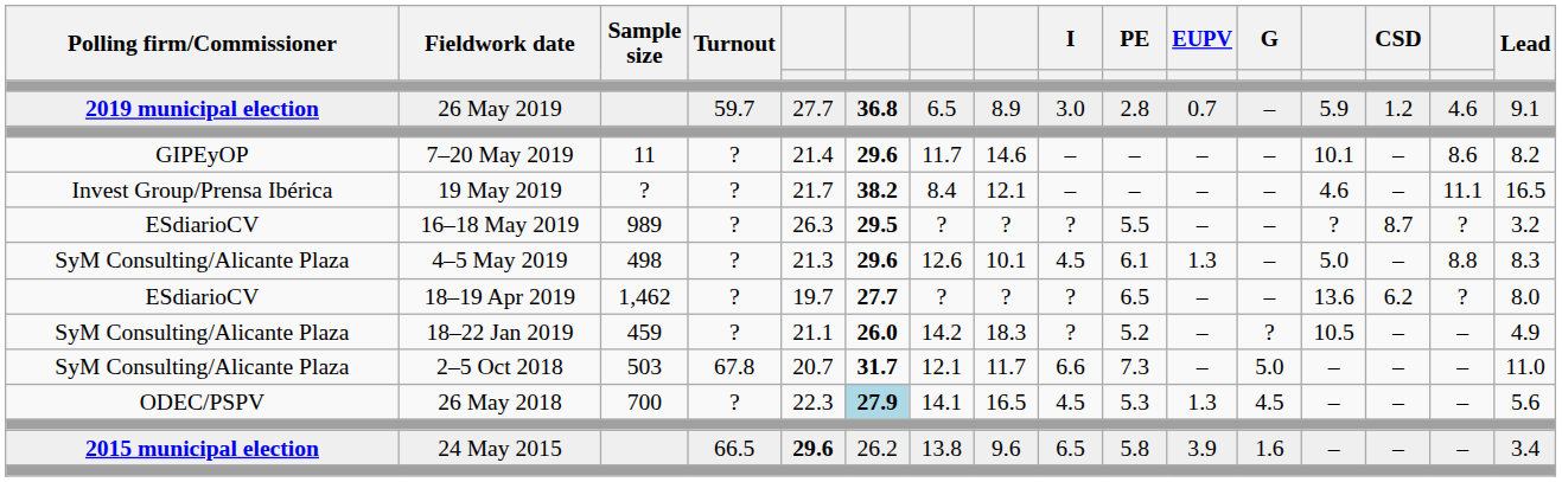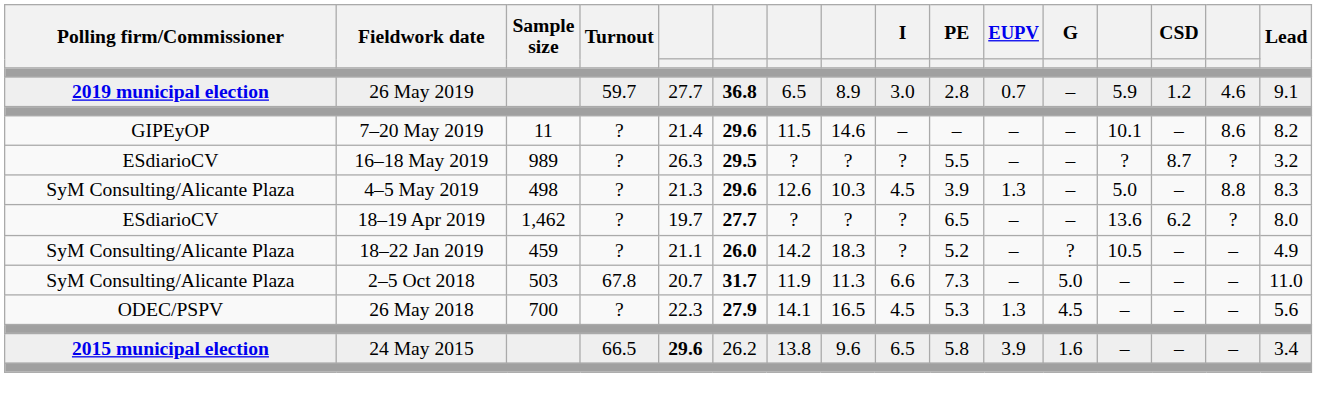 <table class="wikitable collapsible collapsed" style="text-align:center; font-size:95%; line-height:16px;">
 <tr style="height:42px;">
 <th style="width:250px;" rowspan="2">Polling firm/Commissioner</th>
 <th style="width:125px;" rowspan="2">Fieldwork date</th>
 <th style="width:50px;" rowspan="2">Sample size</th>
 <th style="width:45px;" rowspan="2">Turnout</th>
 <th style="width:35px;"></th>
 <th style="width:35px;"></th>
 <th style="width:35px;"></th>
 <th style="width:35px;"></th>
 <th style="width:35px;">I</th>
 <th style="width:35px;">PE</th>
 <th style="width:35px; font-size:95%;"><a href='#'>EUPV</a></th>
 <th style="width:35px;">G</th>
 <th style="width:35px;"></th>
 <th style="width:35px;">CSD</th>
 <th style="width:35px;"></th>
 <th style="width:30px;" rowspan="2">Lead</th>
 </tr>
 <tr>
 <th style="color:inherit;background:"></th>
 <th style="color:inherit;background:"></th>
 <th style="color:inherit;background:"></th>
 <th style="color:inherit;background:"></th>
 <th style="color:inherit;background:"></th>
 <th style="color:inherit;background:"></th>
 <th style="color:inherit;background:"></th>
 <th style="color:inherit;background:"></th>
 <th style="color:inherit;background:"></th>
 <th style="color:inherit;background:"></th>
 <th style="color:inherit;background:"></th>
 </tr>
 <tr>
 <td colspan="16" style="background:#A0A0A0"></td>
 </tr>
 <tr style="background:#EFEFEF;">
 <td><strong><a href='#'>2019 municipal election</a></strong></td>
 <td>26 May 2019</td>
 <td></td>
 <td>59.7</td>
 <td>27.7<br></td>
 <td><strong>36.8</strong><br></td>
 <td>6.5<br></td>
 <td>8.9<br></td>
 <td>3.0<br></td>
 <td>2.8<br></td>
 <td>0.7<br></td>
 <td>–</td>
 <td>5.9<br></td>
 <td>1.2<br></td>
 <td>4.6<br></td>
 <td style="background:">9.1</td>
 </tr>
 <tr>
 <td colspan="16" style="background:#A0A0A0"></td>
 </tr>
 <tr>
 <td>GIPEyOP</td>
 <td>7–20 May 2019</td>
 <td>11</td>
 <td>?</td>
 <td>21.4<br></td>
 <td><strong>29.6</strong><br></td>
-<td>11.7<br></td>
+<td>11.5<br></td>
 <td>14.6<br></td>
 <td>–</td>
 <td>–</td>
 <td>–</td>
 <td>–</td>
 <td>10.1<br></td>
 <td>–</td>
 <td>8.6<br></td>
 <td style="background:">8.2</td>
-</tr>
-<tr>
-<td>Invest Group/Prensa Ibérica</td>
-<td>19 May 2019</td>
-<td>?</td>
-<td>?</td>
-<td>21.7<br></td>
-<td><strong>38.2</strong><br></td>
-<td>8.4<br></td>
-<td>12.1<br></td>
-<td>–</td>
-<td>–</td>
-<td>–</td>
-<td>–</td>
-<td>4.6<br></td>
-<td>–</td>
-<td>11.1<br></td>
-<td style="background:">16.5</td>
 </tr>
 <tr>
 <td>ESdiarioCV</td>
 <td>16–18 May 2019</td>
 <td>989</td>
 <td>?</td>
 <td>26.3<br></td>
 <td><strong>29.5</strong><br></td>
 <td>?<br></td>
 <td>?<br></td>
 <td>?<br></td>
 <td>5.5<br></td>
 <td>–</td>
 <td>–</td>
 <td>?<br></td>
 <td>8.7<br></td>
 <td>?<br></td>
 <td style="background:">3.2</td>
 </tr>
 <tr>
 <td>SyM Consulting/Alicante Plaza</td>
 <td>4–5 May 2019</td>
 <td>498</td>
 <td>?</td>
 <td>21.3<br></td>
 <td><strong>29.6</strong><br></td>
 <td>12.6<br></td>
-<td>10.1<br></td>
+<td>10.3<br></td>
 <td>4.5<br></td>
-<td>6.1<br></td>
+<td>3.9<br></td>
 <td>1.3<br></td>
 <td>–</td>
 <td>5.0<br></td>
 <td>–</td>
 <td>8.8<br></td>
 <td style="background:">8.3</td>
 </tr>
 <tr>
 <td>ESdiarioCV</td>
 <td>18–19 Apr 2019</td>
 <td>1,462</td>
 <td>?</td>
 <td>19.7<br></td>
 <td><strong>27.7</strong><br></td>
 <td>?<br></td>
 <td>?<br></td>
 <td>?<br></td>
 <td>6.5<br></td>
 <td>–</td>
 <td>–</td>
 <td>13.6<br></td>
 <td>6.2<br></td>
 <td>?<br></td>
 <td style="background:">8.0</td>
 </tr>
 <tr>
 <td>SyM Consulting/Alicante Plaza</td>
 <td>18–22 Jan 2019</td>
 <td>459</td>
 <td>?</td>
 <td>21.1<br></td>
 <td><strong>26.0</strong><br></td>
 <td>14.2<br></td>
 <td>18.3<br></td>
 <td>?<br></td>
 <td>5.2<br></td>
 <td>–</td>
 <td>?<br></td>
 <td>10.5<br></td>
 <td>–</td>
 <td>–</td>
 <td style="background:">4.9</td>
 </tr>
 <tr>
 <td>SyM Consulting/Alicante Plaza</td>
 <td>2–5 Oct 2018</td>
 <td>503</td>
 <td>67.8</td>
 <td>20.7<br></td>
 <td><strong>31.7</strong><br></td>
-<td>12.1<br></td>
-<td>11.7<br></td>
+<td>11.9<br></td>
+<td>11.3<br></td>
 <td>6.6<br></td>
 <td>7.3<br></td>
 <td>–</td>
 <td>5.0<br></td>
 <td>–</td>
 <td>–</td>
 <td>–</td>
 <td style="background:">11.0</td>
 </tr>
 <tr>
 <td>ODEC/PSPV</td>
 <td>26 May 2018</td>
 <td>700</td>
 <td>?</td>
 <td>22.3<br></td>
-<td style="background: lightblue;"><strong>27.9</strong><br></td>
+<td><strong>27.9</strong><br></td>
 <td>14.1<br></td>
 <td>16.5<br></td>
 <td>4.5<br></td>
 <td>5.3<br></td>
 <td>1.3<br></td>
 <td>4.5<br></td>
 <td>–</td>
 <td>–</td>
 <td>–</td>
 <td style="background:">5.6</td>
 </tr>
 <tr>
 <td colspan="16" style="background:#A0A0A0"></td>
 </tr>
 <tr style="background:#EFEFEF;">
 <td><strong><a href='#'>2015 municipal election</a></strong></td>
 <td>24 May 2015</td>
 <td></td>
 <td>66.5</td>
 <td><strong>29.6</strong><br></td>
 <td>26.2<br></td>
 <td>13.8<br></td>
 <td>9.6<br></td>
 <td>6.5<br></td>
 <td>5.8<br></td>
 <td>3.9<br></td>
 <td>1.6<br></td>
 <td>–</td>
 <td>–</td>
 <td>–</td>
 <td style="background:">3.4</td>
 </tr>
 <tr>
 <td colspan="16" style="background:#A0A0A0"></td>
 </tr>
 </table>
